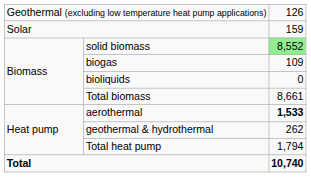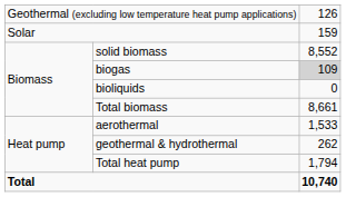 <table class="wikitable">
 <tr>
 <td colspan="2">Geothermal <small>(excluding low temperature heat pump applications)</small></td>
 <td align="right">126</td>
 </tr>
 <tr>
 <td colspan="2">Solar</td>
 <td align="right">159</td>
 </tr>
 <tr>
 <td rowspan="4">Biomass</td>
 <td>solid biomass</td>
-<td align="right" style="background: lightgreen;">8,552</td>
+<td align="right">8,552</td>
 </tr>
 <tr>
 <td>biogas</td>
-<td align="right">109</td>
+<td align="right" style="background: lightgrey;">109</td>
 </tr>
 <tr>
 <td>bioliquids</td>
 <td align="right">0</td>
 </tr>
 <tr>
 <td>Total biomass</td>
 <td align="right">8,661</td>
 </tr>
 <tr>
 <td rowspan="3">Heat pump</td>
 <td>aerothermal</td>
-<td align="right"><strong>1,533</strong></td>
+<td align="right">1,533</td>
 </tr>
 <tr>
 <td>geothermal & hydrothermal</td>
 <td align="right">262</td>
 </tr>
 <tr>
 <td>Total heat pump</td>
 <td align="right">1,794</td>
 </tr>
 <tr>
 <td colspan="2"><strong>Total</strong></td>
 <td align="right"><strong>10,740</strong></td>
 </tr>
 </table>
